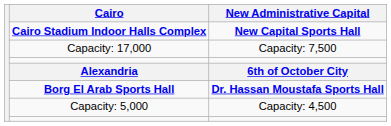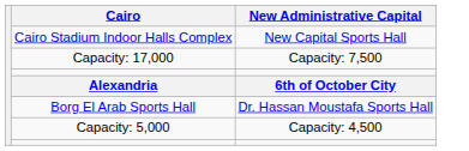 <table class="wikitable" style="text-align:center">
 <tr>
 <th rowspan="8" colspan="2"></th>
 <th><a href='#'>Cairo</a></th>
 <th><a href='#'>New Administrative Capital</a></th>
 </tr>
 <tr>
-<td><strong><a href='#'>Cairo Stadium Indoor Halls Complex</a></strong></td>
-<td><strong><a href='#'>New Capital Sports Hall</a></strong></td>
+<td><a href='#'>Cairo Stadium Indoor Halls Complex</a></td>
+<td><a href='#'>New Capital Sports Hall</a></td>
 </tr>
 <tr>
 <td>Capacity: 17,000</td>
 <td>Capacity: 7,500</td>
 </tr>
 <tr>
 <td></td>
 <td></td>
 </tr>
 <tr>
 <th><a href='#'>Alexandria</a></th>
 <th><a href='#'>6th of October City</a></th>
 </tr>
 <tr>
-<td><strong><a href='#'>Borg El Arab Sports Hall</a></strong></td>
-<td><strong><a href='#'>Dr. Hassan Moustafa Sports Hall</a></strong></td>
+<td><a href='#'>Borg El Arab Sports Hall</a></td>
+<td><a href='#'>Dr. Hassan Moustafa Sports Hall</a></td>
 </tr>
 <tr>
 <td>Capacity: 5,000</td>
 <td>Capacity: 4,500</td>
 </tr>
 <tr>
 <td></td>
 <td></td>
 </tr>
 </table>
